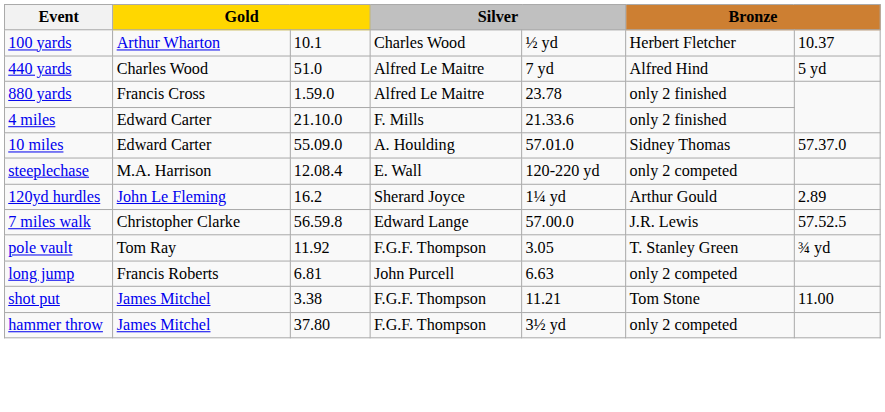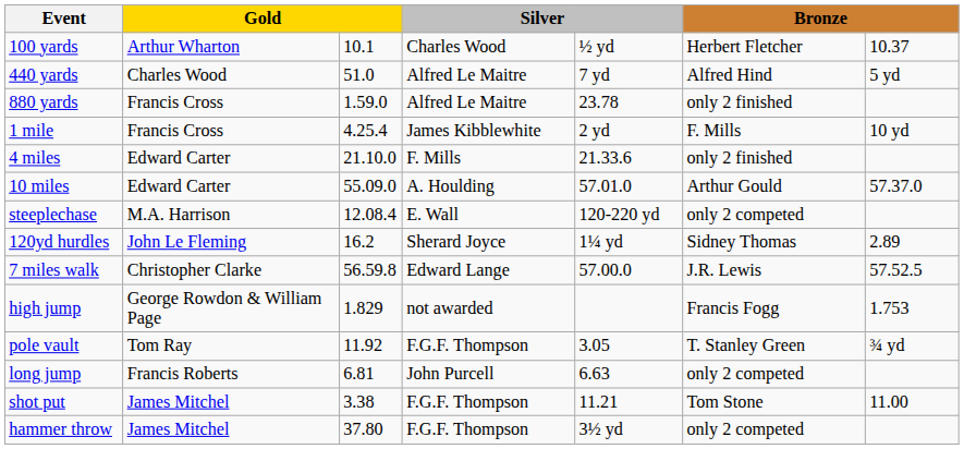 <table class="wikitable" style="text-align:left">
 <tr>
 <th width=100>Event</th>
 <th colspan="2" width="280" style="background:gold;">Gold</th>
 <th colspan="2" width="280" style="background:silver;">Silver</th>
 <th colspan="2" width="280" style="background:#CD7F32;">Bronze</th>
 </tr>
 <tr>
 <td><a href='#'>100 yards</a></td>
 <td><a href='#'>Arthur Wharton</a></td>
 <td>10.1</td>
 <td>Charles Wood</td>
 <td>½ yd</td>
 <td>Herbert Fletcher</td>
 <td>10.37</td>
 </tr>
 <tr>
 <td><a href='#'>440 yards</a></td>
 <td>Charles Wood</td>
 <td>51.0</td>
 <td>Alfred Le Maitre</td>
 <td>7 yd</td>
 <td>Alfred Hind</td>
 <td>5 yd</td>
 </tr>
 <tr>
 <td><a href='#'>880 yards</a></td>
 <td>Francis Cross</td>
 <td>1.59.0</td>
 <td>Alfred Le Maitre</td>
 <td>23.78</td>
 <td>only 2 finished</td>
 </tr>
 <tr>
+<td><a href='#'>1 mile</a></td>
+<td>Francis Cross</td>
+<td>4.25.4</td>
+<td>James Kibblewhite</td>
+<td>2 yd</td>
+<td>F. Mills</td>
+<td>10 yd</td>
+</tr>
+<tr>
 <td><a href='#'>4 miles</a></td>
 <td> Edward Carter</td>
 <td>21.10.0</td>
 <td>F. Mills</td>
 <td>21.33.6</td>
 <td>only 2 finished</td>
 </tr>
 <tr>
 <td><a href='#'>10 miles</a></td>
 <td> Edward Carter</td>
 <td>55.09.0</td>
 <td>A. Houlding</td>
 <td>57.01.0</td>
-<td>Sidney Thomas</td>
+<td>Arthur Gould</td>
 <td>57.37.0</td>
 </tr>
 <tr>
 <td><a href='#'>steeplechase</a></td>
 <td>M.A. Harrison</td>
 <td>12.08.4</td>
 <td>E. Wall</td>
 <td>120-220 yd</td>
 <td>only 2 competed</td>
 </tr>
 <tr>
 <td><a href='#'>120yd hurdles</a></td>
 <td><a href='#'>John Le Fleming</a></td>
 <td>16.2</td>
 <td>Sherard Joyce</td>
 <td>1¼ yd</td>
-<td>Arthur Gould</td>
+<td>Sidney Thomas</td>
 <td>2.89</td>
 </tr>
 <tr>
 <td><a href='#'>7 miles walk</a></td>
 <td> Christopher Clarke</td>
 <td>56.59.8</td>
 <td> Edward Lange</td>
 <td>57.00.0</td>
 <td>J.R. Lewis</td>
 <td>57.52.5</td>
+</tr>
+<tr>
+<td><a href='#'>high jump</a></td>
+<td>George Rowdon &  William Page</td>
+<td>1.829</td>
+<td>not awarded</td>
+<td></td>
+<td> Francis Fogg</td>
+<td>1.753</td>
 </tr>
 <tr>
 <td><a href='#'>pole vault</a></td>
 <td>Tom Ray</td>
 <td>11.92</td>
 <td>F.G.F. Thompson</td>
 <td>3.05</td>
 <td>T. Stanley Green</td>
 <td>¾ yd</td>
 </tr>
 <tr>
 <td><a href='#'>long jump</a></td>
 <td>Francis Roberts</td>
 <td>6.81</td>
 <td> John Purcell</td>
 <td>6.63</td>
 <td>only 2 competed</td>
 </tr>
 <tr>
 <td><a href='#'>shot put</a></td>
 <td> <a href='#'>James Mitchel</a></td>
 <td>3.38</td>
 <td>F.G.F. Thompson</td>
 <td>11.21</td>
 <td>Tom Stone</td>
 <td>11.00</td>
 </tr>
 <tr>
 <td><a href='#'>hammer throw</a></td>
 <td> <a href='#'>James Mitchel</a></td>
 <td>37.80</td>
 <td>F.G.F. Thompson</td>
 <td>3½ yd</td>
 <td>only 2 competed</td>
 </tr>
 </table>
